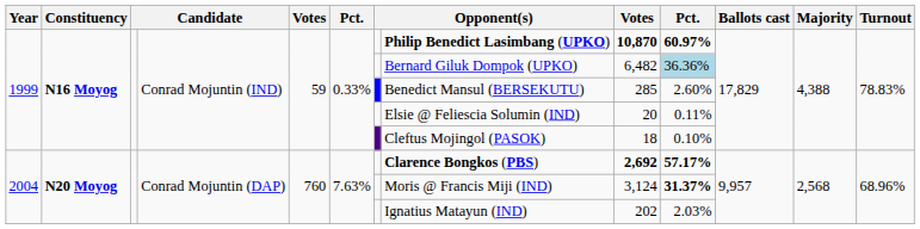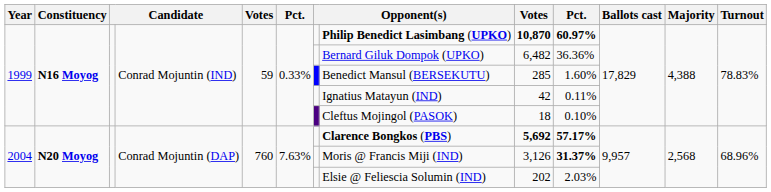 <table class="wikitable" style="margin:0.5em ; font-size:95%">
 <tr>
 <th>Year</th>
 <th>Constituency</th>
 <th colspan="2">Candidate</th>
 <th>Votes</th>
 <th>Pct.</th>
 <th colspan="2">Opponent(s)</th>
 <th>Votes</th>
 <th>Pct.</th>
 <th>Ballots cast</th>
 <th>Majority</th>
 <th>Turnout</th>
 </tr>
 <tr>
 <td rowspan="5"><a href='#'>1999</a></td>
 <td rowspan="5"><strong>N16 <a href='#'>Moyog</a></strong></td>
 <td rowspan="5" ></td>
 <td rowspan="5">Conrad Mojuntin (<a href='#'>IND</a>)</td>
 <td rowspan="5" align=right>59</td>
 <td rowspan="5">0.33%</td>
 <td bgcolor= ></td>
 <td><strong>Philip Benedict Lasimbang</strong> (<a href='#'><strong>UPKO</strong></a>)</td>
 <td align=right><strong>10,870</strong></td>
 <td><strong>60.97%</strong></td>
 <td rowspan="5">17,829</td>
 <td rowspan="5">4,388</td>
 <td rowspan="5">78.83%</td>
 </tr>
 <tr>
 <td></td>
 <td><a href='#'>Bernard Giluk Dompok</a> (<a href='#'>UPKO</a>)</td>
 <td align=right>6,482</td>
-<td style="background: lightblue;">36.36%</td>
+<td>36.36%</td>
 </tr>
 <tr>
 <td bgcolor= blue></td>
 <td>Benedict Mansul (<a href='#'>BERSEKUTU</a>)</td>
 <td align=right>285</td>
-<td align=right>2.60%</td>
+<td align=right>1.60%</td>
 </tr>
 <tr>
 <td></td>
-<td>Elsie @ Feliescia Solumin (<a href='#'>IND</a>)</td>
-<td align=right>20</td>
+<td>Ignatius Matayun (<a href='#'>IND</a>)</td>
+<td align=right>42</td>
 <td align=right>0.11%</td>
 </tr>
 <tr>
 <td bgcolor= indigo></td>
 <td>Cleftus Mojingol (<a href='#'>PASOK</a>)</td>
 <td align=right>18</td>
 <td align=right>0.10%</td>
 </tr>
 <tr>
 <td rowspan="3"><a href='#'>2004</a></td>
 <td rowspan="3"><strong>N20 <a href='#'>Moyog</a></strong></td>
 <td rowspan="3" ></td>
 <td rowspan="3">Conrad Mojuntin (<a href='#'>DAP</a>)</td>
 <td rowspan="3" align=right>760</td>
 <td rowspan="3">7.63%</td>
 <td></td>
 <td><strong>Clarence Bongkos</strong> (<a href='#'><strong>PBS</strong></a>)</td>
-<td align=right><strong>2,692</strong></td>
+<td align=right><strong>5,692</strong></td>
 <td><strong>57.17%</strong></td>
 <td rowspan="3">9,957</td>
 <td rowspan="3">2,568</td>
 <td rowspan="3">68.96%</td>
 </tr>
 <tr>
 <td></td>
 <td>Moris @ Francis Miji (<a href='#'>IND</a>)</td>
-<td align=right>3,124</td>
+<td align=right>3,126</td>
 <td><strong>31.37%</strong></td>
 </tr>
 <tr>
 <td></td>
-<td>Ignatius Matayun (<a href='#'>IND</a>)</td>
+<td>Elsie @ Feliescia Solumin (<a href='#'>IND</a>)</td>
 <td align=right>202</td>
 <td align=right>2.03%</td>
 </tr>
 </table>
